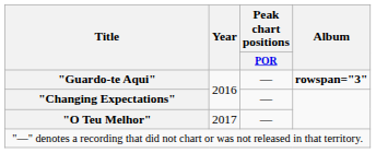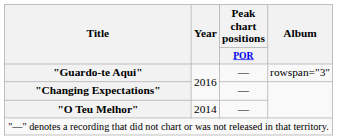 <table class="wikitable plainrowheaders" style="text-align:center;" border="1">
 <tr>
 <th rowspan="2" scope="col" style="width:16em;">Title</th>
 <th rowspan="2" scope="col">Year</th>
 <th scope="col">Peak chart positions</th>
 <th rowspan="2" scope="col">Album</th>
 </tr>
 <tr>
 <th scope="col" style="width:3em;font-size:85%;"><a href='#'>POR</a><br></th>
 </tr>
 <tr>
 <th scope="row">"Guardo-te Aqui"</th>
 <td rowspan="2">2016</td>
 <td>—</td>
-<td><strong>rowspan="3" <em></em></strong></td>
+<td>rowspan="3" <em></em></td>
 </tr>
 <tr>
 <th scope="row">"Changing Expectations"</th>
 <td>—</td>
 </tr>
 <tr>
 <th scope="row">"O Teu Melhor"</th>
-<td rowspan="1">2017</td>
+<td rowspan="1">2014</td>
 <td>—</td>
 </tr>
 <tr>
 <td colspan="4" style="font-size:90%">"—" denotes a recording that did not chart or was not released in that territory.</td>
 </tr>
 </table>
